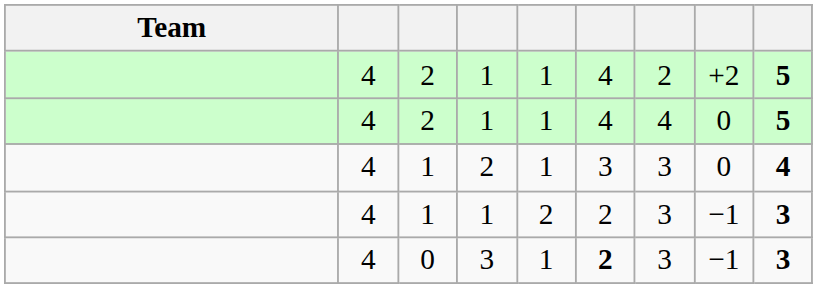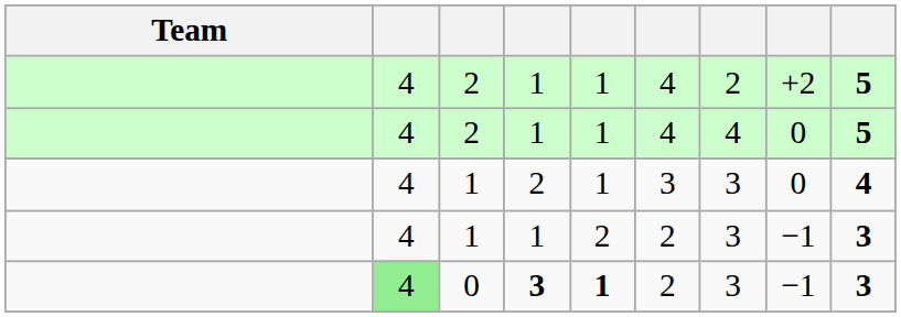 <table class="wikitable" style="text-align:center">
 <tr>
 <th width=175>Team</th>
 <th width=25></th>
 <th width=25></th>
 <th width=25></th>
 <th width=25></th>
 <th width=25></th>
 <th width=25></th>
 <th width=25></th>
 <th width=25></th>
 </tr>
 <tr bgcolor=ccffcc>
 <td style="text-align:left;"></td>
 <td>4</td>
 <td>2</td>
 <td>1</td>
 <td>1</td>
 <td>4</td>
 <td>2</td>
 <td>+2</td>
 <td><strong>5</strong></td>
 </tr>
 <tr bgcolor=ccffcc>
 <td style="text-align:left;"></td>
 <td>4</td>
 <td>2</td>
 <td>1</td>
 <td>1</td>
 <td>4</td>
 <td>4</td>
 <td>0</td>
 <td><strong>5</strong></td>
 </tr>
 <tr>
 <td style="text-align:left;"> </td>
 <td>4</td>
 <td>1</td>
 <td>2</td>
 <td>1</td>
 <td>3</td>
 <td>3</td>
 <td>0</td>
 <td><strong>4</strong></td>
 </tr>
 <tr>
 <td style="text-align:left;"></td>
 <td>4</td>
 <td>1</td>
 <td>1</td>
 <td>2</td>
 <td>2</td>
 <td>3</td>
 <td>−1</td>
 <td><strong>3</strong></td>
 </tr>
 <tr>
 <td style="text-align:left;"></td>
-<td>4</td>
+<td style="background: lightgreen;">4</td>
 <td>0</td>
-<td>3</td>
-<td>1</td>
-<td><strong>2</strong></td>
+<td><strong>3</strong></td>
+<td><strong>1</strong></td>
+<td>2</td>
 <td>3</td>
 <td>−1</td>
 <td><strong>3</strong></td>
 </tr>
 </table>
